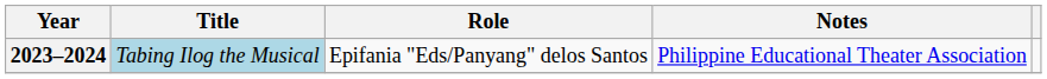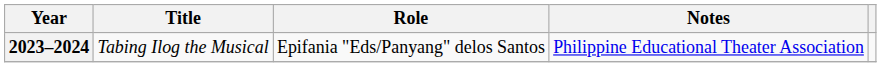 <table class="wikitable plainrowheaders">
 <tr>
 <th scope="col">Year</th>
 <th scope="col">Title</th>
 <th scope="col">Role</th>
 <th scope="col" class="unsortable">Notes</th>
 <th scope="col" class="unsortable"></th>
 </tr>
 <tr>
 <th scope="row">2023–2024</th>
-<td style="background: lightblue;"><em>Tabing Ilog the Musical</em></td>
+<td><em>Tabing Ilog the Musical</em></td>
 <td>Epifania "Eds/Panyang" delos Santos</td>
 <td><a href='#'>Philippine Educational Theater Association</a></td>
 <td style="text-align:center;"></td>
 </tr>
 <tr>
 </tr>
 </table>
